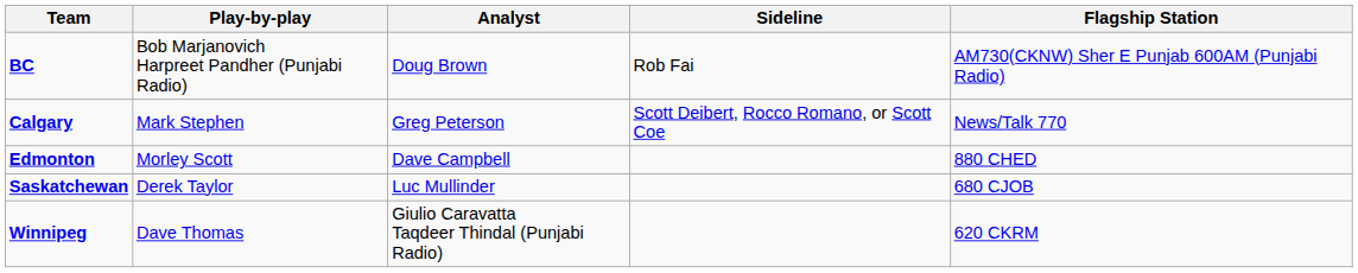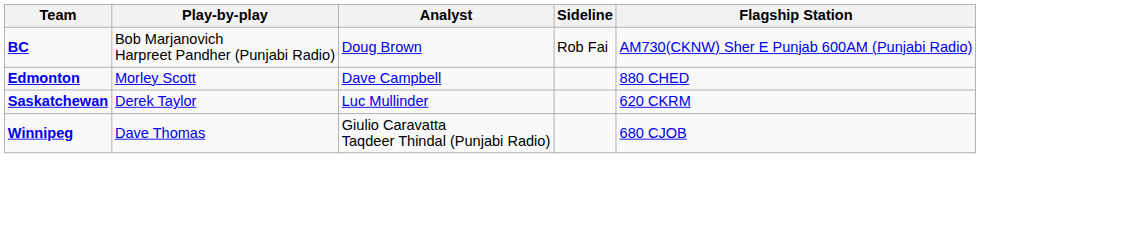 <table class="wikitable">
 <tr>
 <th>Team</th>
 <th>Play-by-play</th>
 <th>Analyst</th>
 <th>Sideline</th>
 <th>Flagship Station</th>
 </tr>
 <tr>
 <td><strong><a href='#'>BC</a></strong></td>
 <td>Bob Marjanovich<br>Harpreet Pandher (Punjabi Radio)</td>
 <td><a href='#'>Doug Brown</a></td>
 <td>Rob Fai</td>
 <td><a href='#'>AM730(CKNW)  Sher E Punjab 600AM (Punjabi Radio)</a></td>
 </tr>
 <tr>
-<td><strong><a href='#'>Calgary</a></strong></td>
-<td><a href='#'>Mark Stephen</a></td>
-<td><a href='#'>Greg Peterson</a></td>
-<td><a href='#'>Scott Deibert</a>, <a href='#'>Rocco Romano</a>, or <a href='#'>Scott Coe</a></td>
-<td><a href='#'>News/Talk 770</a></td>
-</tr>
-<tr>
 <td><strong><a href='#'>Edmonton</a></strong></td>
 <td><a href='#'>Morley Scott</a></td>
 <td><a href='#'>Dave Campbell</a></td>
 <td></td>
 <td><a href='#'>880 CHED</a></td>
 </tr>
 <tr>
 <td><strong><a href='#'>Saskatchewan</a></strong></td>
 <td><a href='#'>Derek Taylor</a></td>
 <td><a href='#'>Luc Mullinder</a></td>
 <td></td>
-<td><a href='#'>680 CJOB</a></td>
+<td><a href='#'>620 CKRM</a></td>
 </tr>
 <tr>
 <td><strong><a href='#'>Winnipeg</a></strong></td>
 <td><a href='#'>Dave Thomas</a></td>
 <td>Giulio Caravatta<br>Taqdeer Thindal (Punjabi Radio)</td>
 <td></td>
-<td><a href='#'>620 CKRM</a></td>
+<td><a href='#'>680 CJOB</a></td>
 </tr>
 </table>
